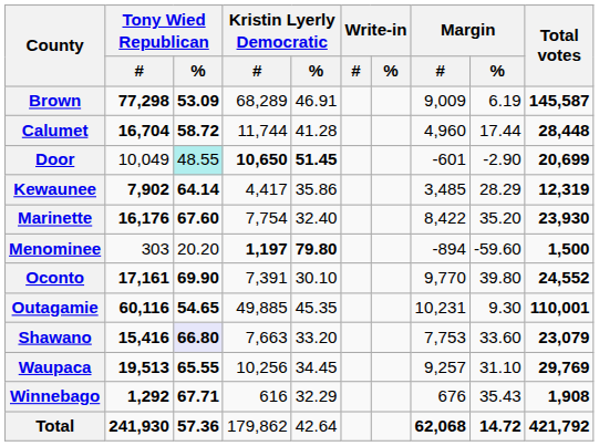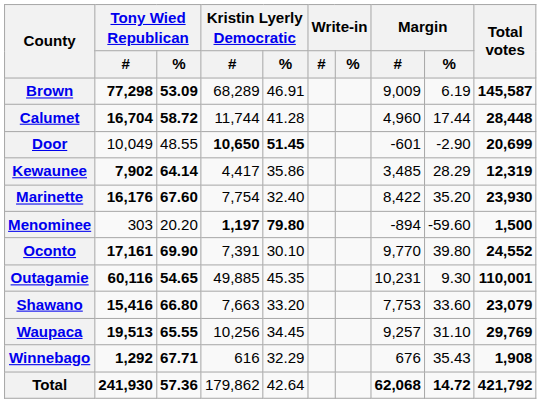 <table class="wikitable sortable" style="text-align:right;font-size:90%;line-height:1.3">
 <tr>
 <th rowspan="2">County</th>
 <th colspan="2"><a href='#'>Tony Wied</a><br><a href='#'>Republican</a></th>
 <th colspan="2">Kristin Lyerly<br><a href='#'>Democratic</a></th>
 <th colspan="2">Write-in</th>
 <th colspan="2">Margin</th>
 <th rowspan="2">Total<br>votes</th>
 </tr>
 <tr>
 <th data-sort-type="number" style="text-align:center;">#</th>
 <th data-sort-type="number" style="text-align:center;">%</th>
 <th data-sort-type="number" style="text-align:center;">#</th>
 <th data-sort-type="number" style="text-align:center;">%</th>
 <th data-sort-type="number" style="text-align:center;">#</th>
 <th data-sort-type="number" style="text-align:center;">%</th>
 <th data-sort-type="number" style="text-align:center;">#</th>
 <th data-sort-type="number" style="text-align:center;">%</th>
 </tr>
 <tr>
 <th><a href='#'>Brown</a></th>
 <td><strong>77,298</strong></td>
 <td><strong>53.09</strong></td>
 <td>68,289</td>
 <td>46.91</td>
 <td></td>
 <td></td>
 <td>9,009</td>
 <td>6.19</td>
 <td><strong>145,587</strong></td>
 </tr>
 <tr>
 <th><a href='#'>Calumet</a> </th>
 <td><strong>16,704</strong></td>
 <td><strong>58.72</strong></td>
 <td>11,744</td>
 <td>41.28</td>
 <td></td>
 <td></td>
 <td>4,960</td>
 <td>17.44</td>
 <td><strong>28,448</strong></td>
 </tr>
 <tr>
 <th><a href='#'>Door</a></th>
 <td>10,049</td>
-<td style="background: paleturquoise;">48.55</td>
+<td>48.55</td>
 <td><strong>10,650</strong></td>
 <td><strong>51.45</strong></td>
 <td></td>
 <td></td>
 <td>-601</td>
 <td>-2.90</td>
 <td><strong>20,699</strong></td>
 </tr>
 <tr>
 <th><a href='#'>Kewaunee</a></th>
 <td><strong>7,902</strong></td>
 <td><strong>64.14</strong></td>
 <td>4,417</td>
 <td>35.86</td>
 <td></td>
 <td></td>
 <td>3,485</td>
 <td>28.29</td>
 <td><strong>12,319</strong></td>
 </tr>
 <tr>
 <th><a href='#'>Marinette</a></th>
 <td><strong>16,176</strong></td>
 <td><strong>67.60</strong></td>
 <td>7,754</td>
 <td>32.40</td>
 <td></td>
 <td></td>
 <td>8,422</td>
 <td>35.20</td>
 <td><strong>23,930</strong></td>
 </tr>
 <tr>
 <th><a href='#'>Menominee</a></th>
 <td>303</td>
 <td>20.20</td>
 <td><strong>1,197</strong></td>
 <td><strong>79.80</strong></td>
 <td></td>
 <td></td>
 <td>-894</td>
 <td>-59.60</td>
 <td><strong>1,500</strong></td>
 </tr>
 <tr>
 <th><a href='#'>Oconto</a></th>
 <td><strong>17,161</strong></td>
 <td><strong>69.90</strong></td>
 <td>7,391</td>
 <td>30.10</td>
 <td></td>
 <td></td>
 <td>9,770</td>
 <td>39.80</td>
 <td><strong>24,552</strong></td>
 </tr>
 <tr>
 <th><a href='#'>Outagamie</a></th>
 <td><strong>60,116</strong></td>
 <td><strong>54.65</strong></td>
 <td>49,885</td>
 <td>45.35</td>
 <td></td>
 <td></td>
 <td>10,231</td>
 <td>9.30</td>
 <td><strong>110,001</strong></td>
 </tr>
 <tr>
 <th><a href='#'>Shawano</a></th>
 <td><strong>15,416</strong></td>
-<td style="background: lavender;"><strong>66.80</strong></td>
+<td><strong>66.80</strong></td>
 <td>7,663</td>
 <td>33.20</td>
 <td></td>
 <td></td>
 <td>7,753</td>
 <td>33.60</td>
 <td><strong>23,079</strong></td>
 </tr>
 <tr>
 <th><a href='#'>Waupaca</a></th>
 <td><strong>19,513</strong></td>
 <td><strong>65.55</strong></td>
 <td>10,256</td>
 <td>34.45</td>
 <td></td>
 <td></td>
 <td>9,257</td>
 <td>31.10</td>
 <td><strong>29,769</strong></td>
 </tr>
 <tr>
 <th><a href='#'>Winnebago</a> </th>
 <td><strong>1,292</strong></td>
 <td><strong>67.71</strong></td>
 <td>616</td>
 <td>32.29</td>
 <td></td>
 <td></td>
 <td>676</td>
 <td>35.43</td>
 <td><strong>1,908</strong></td>
 </tr>
 <tr class="sortbottom">
 <th>Total</th>
 <td><strong>241,930</strong></td>
 <td><strong>57.36</strong></td>
 <td>179,862</td>
 <td>42.64</td>
 <td></td>
 <td></td>
 <td><strong>62,068</strong></td>
 <td><strong>14.72</strong></td>
 <td><strong>421,792</strong></td>
 </tr>
 </table>
